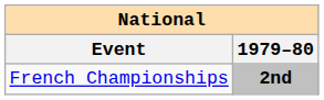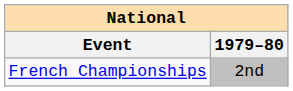 <table class="wikitable" style="text-align:center">
 <tr>
 <th style="background-color: #ffdead; " colspan=2 align=center><strong>National</strong></th>
 </tr>
 <tr>
 <th>Event</th>
 <th>1979–80</th>
 </tr>
 <tr>
 <td align=left><a href='#'>French Championships</a></td>
-<td bgcolor=silver><strong>2nd</strong></td>
+<td bgcolor=silver>2nd</td>
 </tr>
 </table>
